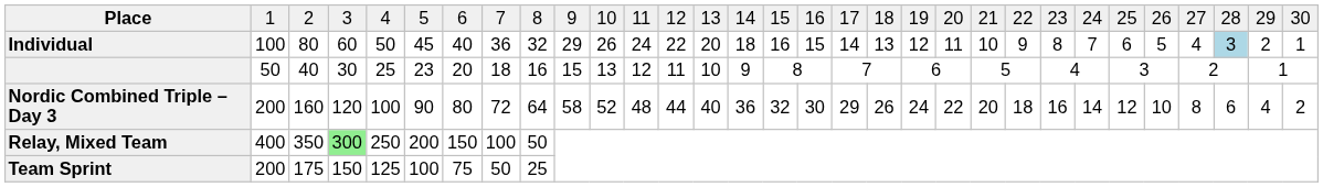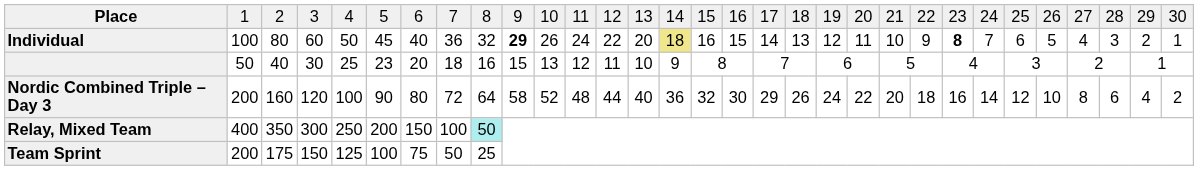 <table border="1" cellpadding="2" cellspacing="0" style="border:1px solid #C0C0C0; border-collapse:collapse; font-size:86%; margin-top:1em; text-align:center" width="1000">
 <tr bgcolor="#F0F0F0">
 <td width=250><strong>Place</strong></td>
 <td width=25>1</td>
 <td width=25>2</td>
 <td width=25>3</td>
 <td width=25>4</td>
 <td width=25>5</td>
 <td width=25>6</td>
 <td width=25>7</td>
 <td width=25>8</td>
 <td width=25>9</td>
 <td width=25>10</td>
 <td width=25>11</td>
 <td width=25>12</td>
 <td width=25>13</td>
 <td width=25>14</td>
 <td width=25>15</td>
 <td width=25>16</td>
 <td width=25>17</td>
 <td width=25>18</td>
 <td width=25>19</td>
 <td width=25>20</td>
 <td width=25>21</td>
 <td width=25>22</td>
 <td width=25>23</td>
 <td width=25>24</td>
 <td width=25>25</td>
 <td width=25>26</td>
 <td width=25>27</td>
 <td width=25>28</td>
 <td width=25>29</td>
 <td width=25>30</td>
 </tr>
 <tr>
 <td bgcolor="#F0F0F0" align=left><strong>Individual</strong></td>
 <td>100</td>
 <td>80</td>
 <td>60</td>
 <td>50</td>
 <td>45</td>
 <td>40</td>
 <td>36</td>
 <td>32</td>
-<td>29</td>
+<td><strong>29</strong></td>
 <td>26</td>
 <td>24</td>
 <td>22</td>
 <td>20</td>
-<td>18</td>
+<td style="background: khaki;">18</td>
 <td>16</td>
 <td>15</td>
 <td>14</td>
 <td>13</td>
 <td>12</td>
 <td>11</td>
 <td>10</td>
 <td>9</td>
-<td>8</td>
+<td><strong>8</strong></td>
 <td>7</td>
 <td>6</td>
 <td>5</td>
 <td>4</td>
-<td style="background: lightblue;">3</td>
+<td>3</td>
 <td>2</td>
 <td>1</td>
 </tr>
 <tr>
 <td bgcolor="#F0F0F0" align=left></td>
 <td>50</td>
 <td>40</td>
 <td>30</td>
 <td>25</td>
 <td>23</td>
 <td>20</td>
 <td>18</td>
 <td>16</td>
 <td>15</td>
 <td>13</td>
 <td>12</td>
 <td>11</td>
 <td>10</td>
 <td>9</td>
 <td colspan=2>8</td>
 <td colspan=2>7</td>
 <td colspan=2>6</td>
 <td colspan=2>5</td>
 <td colspan=2>4</td>
 <td colspan=2>3</td>
 <td colspan=2>2</td>
 <td colspan=2>1</td>
 </tr>
 <tr>
 <td bgcolor="#F0F0F0" align=left><strong>Nordic Combined Triple – Day 3</strong></td>
 <td>200</td>
 <td>160</td>
 <td>120</td>
 <td>100</td>
 <td>90</td>
 <td>80</td>
 <td>72</td>
 <td>64</td>
 <td>58</td>
 <td>52</td>
 <td>48</td>
 <td>44</td>
 <td>40</td>
 <td>36</td>
 <td>32</td>
 <td>30</td>
 <td>29</td>
 <td>26</td>
 <td>24</td>
 <td>22</td>
 <td>20</td>
 <td>18</td>
 <td>16</td>
 <td>14</td>
 <td>12</td>
 <td>10</td>
 <td>8</td>
 <td>6</td>
 <td>4</td>
 <td>2</td>
 </tr>
 <tr>
 <td bgcolor="#F0F0F0" align=left><strong>Relay, Mixed Team</strong></td>
 <td>400</td>
 <td>350</td>
-<td style="background: lightgreen;">300</td>
+<td>300</td>
 <td>250</td>
 <td>200</td>
 <td>150</td>
 <td>100</td>
-<td>50</td>
+<td style="background: paleturquoise;">50</td>
 </tr>
 <tr>
 <td bgcolor="#F0F0F0" align=left><strong>Team Sprint</strong></td>
 <td>200</td>
 <td>175</td>
 <td>150</td>
 <td>125</td>
 <td>100</td>
 <td>75</td>
 <td>50</td>
 <td>25</td>
 </tr>
 </table>
